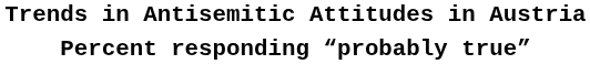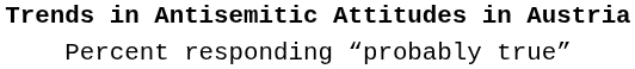 <table style="float: right; text-align:center;">
 <tr>
 <th>Trends in Antisemitic Attitudes in Austria</th>
 </tr>
 <tr>
-<td><strong>Percent responding “probably true”</strong></td>
+<td>Percent responding “probably true”</td>
 </tr>
 <tr>
 <td></td>
 </tr>
 </table>
